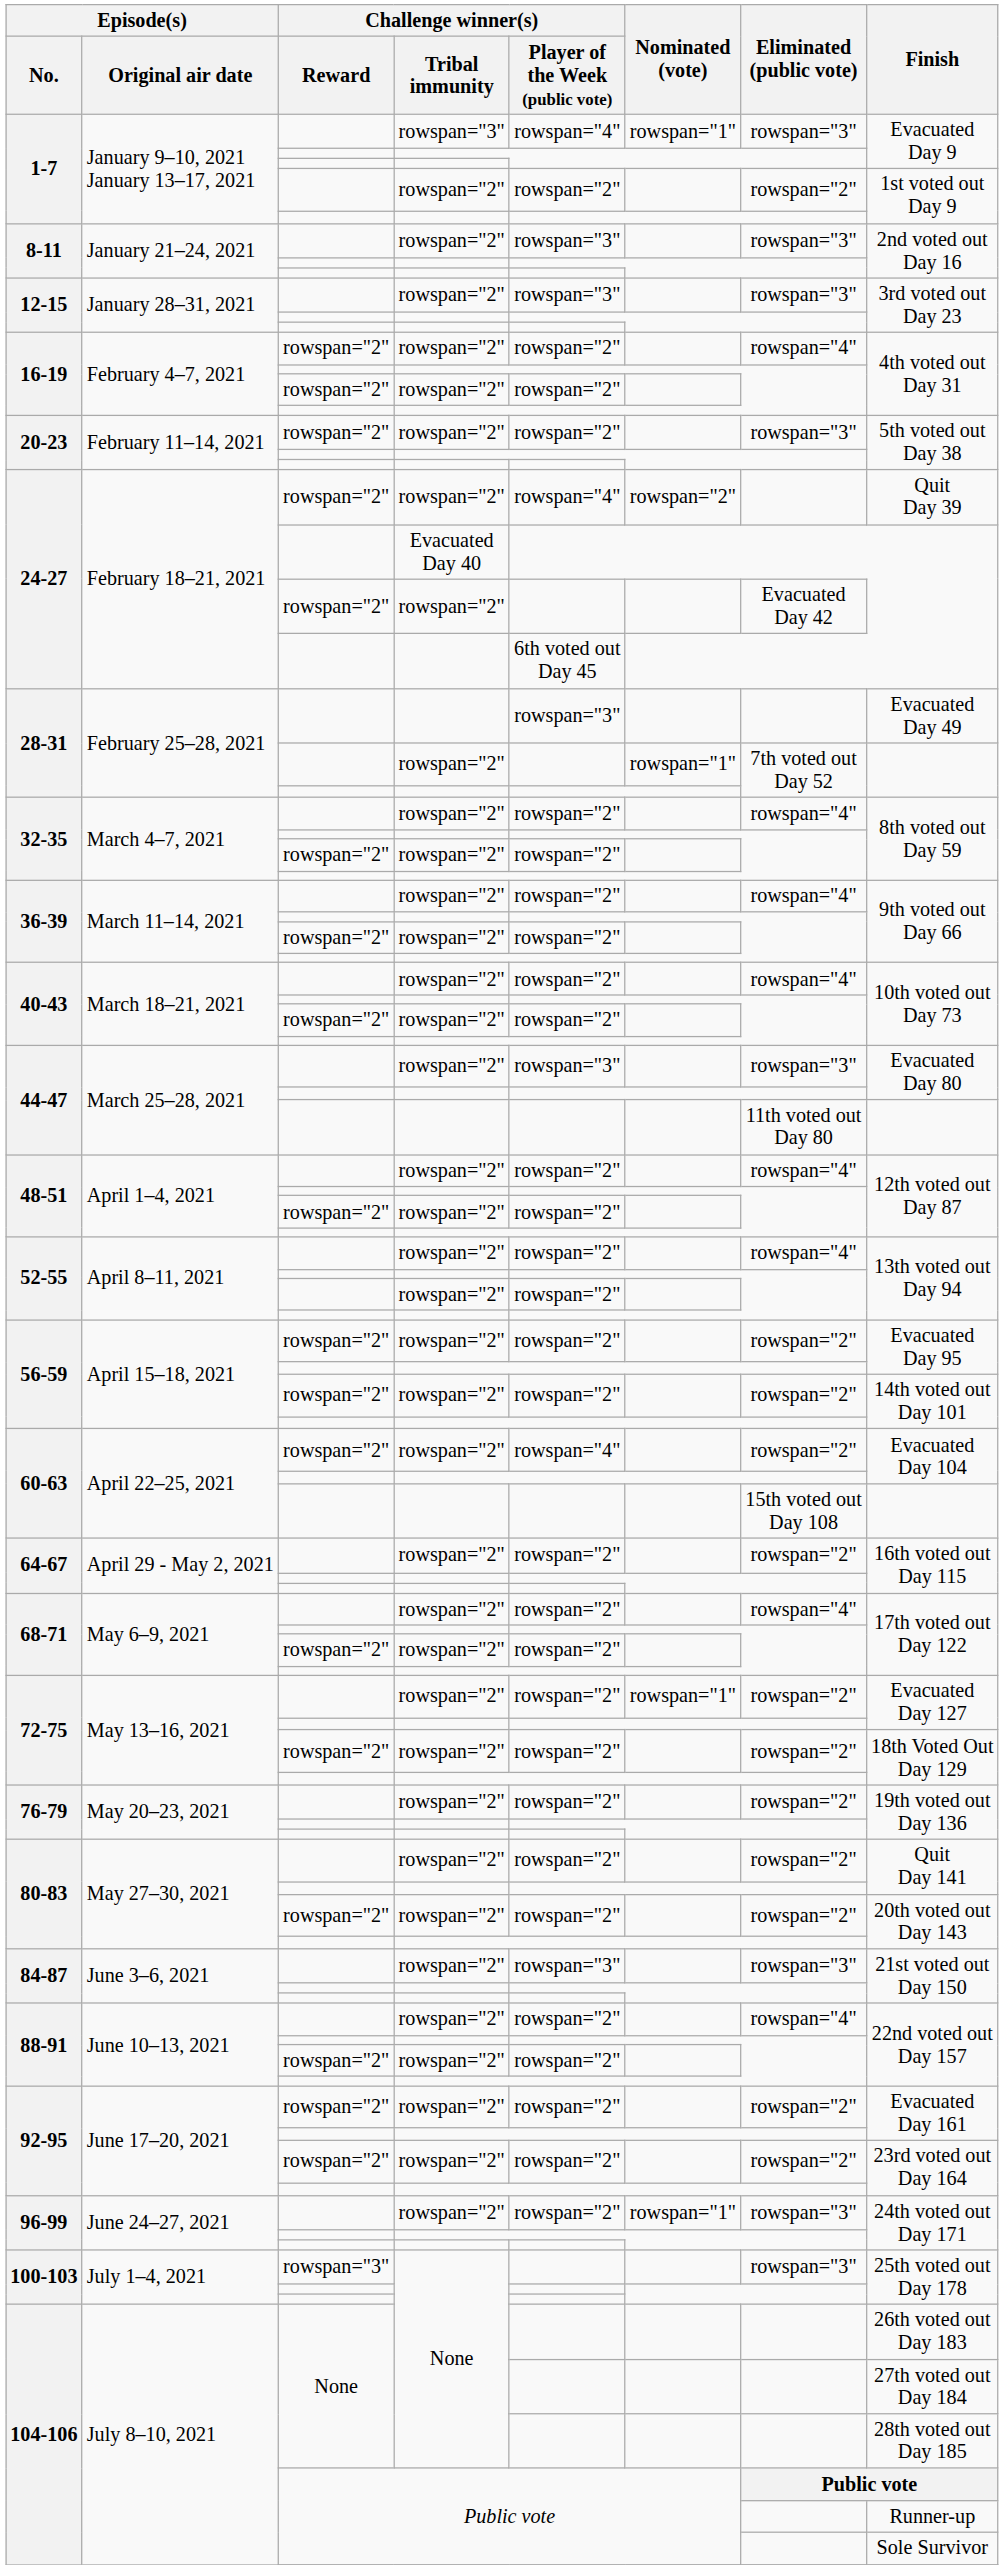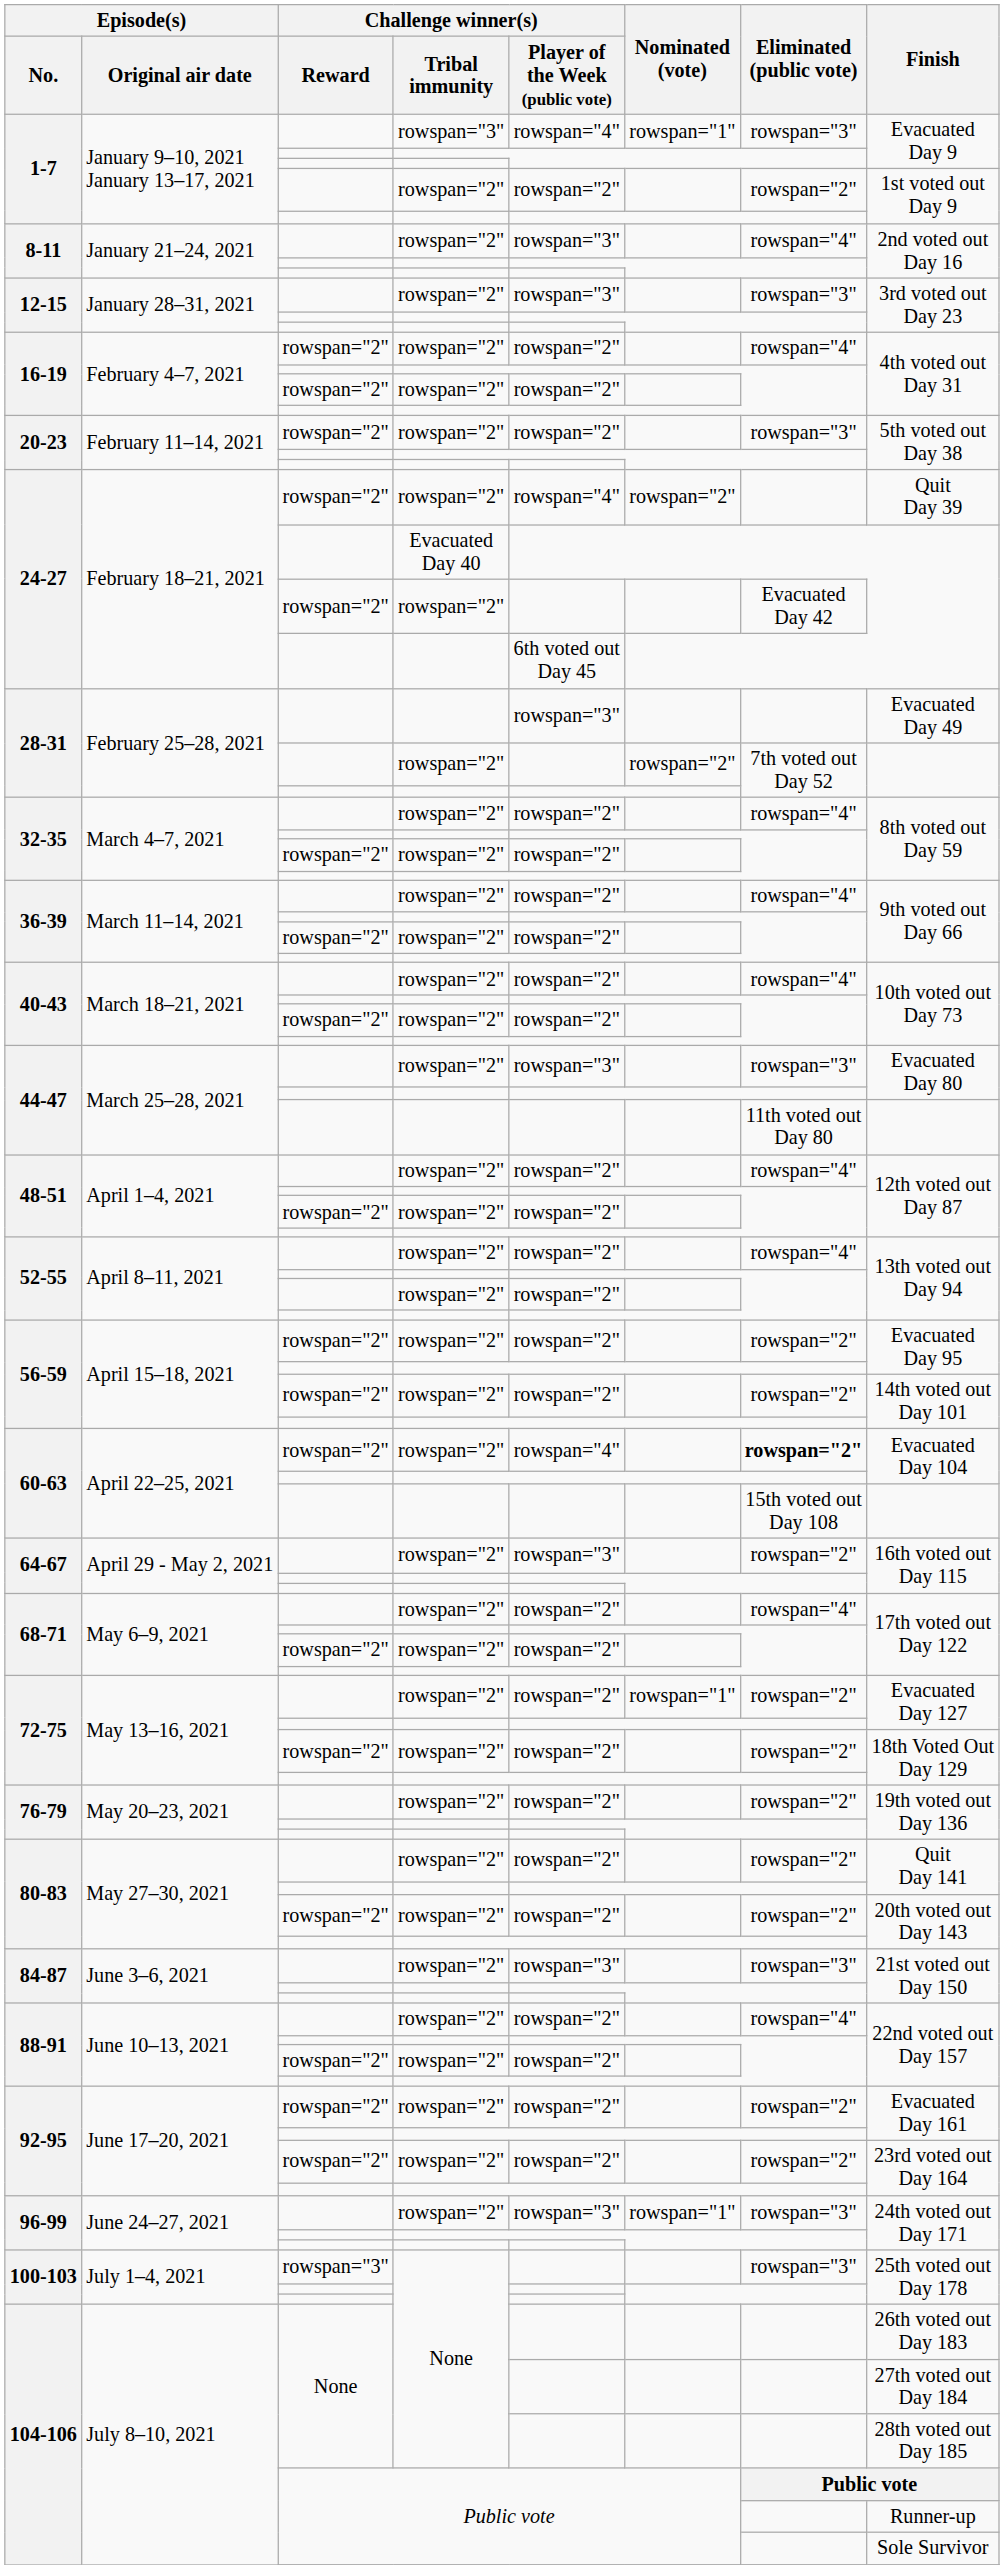 <table class="wikitable plainrowheaders nowrap" style="margin:auto; text-align:center">
 <tr>
 <th scope="col" colspan="2">Episode(s)</th>
 <th scope="col" colspan="3">Challenge winner(s)</th>
 <th scope="col"  rowspan="2">Nominated <br> (vote)</th>
 <th scope="col" rowspan="2">Eliminated <br>(public vote)</th>
 <th scope="col" rowspan="2">Finish</th>
 </tr>
 <tr>
 <th scope="col" rowspan="1">No.</th>
 <th scope="col" rowspan="1">Original air date</th>
 <th scope="col" rowspan="1">Reward</th>
 <th scope="col" rowspan="1">Tribal<br> immunity</th>
 <th scope="col" rowspan="1">Player of<br> the Week<br> <small>(public vote)<br></small></th>
 </tr>
 <tr>
 <th rowspan="5">1-7</th>
 <td rowspan="5" align="left">January 9–10, 2021<br>January 13–17, 2021</td>
 <td></td>
 <td>rowspan="3" </td>
 <td>rowspan="4" </td>
 <td>rowspan="1" </td>
 <td>rowspan="3" </td>
 <td rowspan="3">Evacuated<br>Day 9</td>
 </tr>
 <tr>
 <td></td>
 </tr>
 <tr>
 <td></td>
 <td></td>
 </tr>
 <tr>
 <td></td>
 <td>rowspan="2" </td>
 <td>rowspan="2" </td>
 <td></td>
 <td>rowspan="2" </td>
 <td rowspan="2">1st voted out<br>Day 9</td>
 </tr>
 <tr>
 <td></td>
 <td></td>
 </tr>
 <tr>
 <th rowspan="3">8-11</th>
 <td rowspan="3" align="left">January 21–24, 2021</td>
 <td></td>
 <td>rowspan="2" </td>
 <td>rowspan="3" </td>
 <td></td>
-<td>rowspan="3" </td>
+<td>rowspan="4" </td>
 <td rowspan="3">2nd voted out<br>Day 16</td>
 </tr>
 <tr>
 <td></td>
 <td></td>
 </tr>
 <tr>
 <td></td>
 <td></td>
 <td></td>
 </tr>
 <tr>
 <th rowspan="3">12-15</th>
 <td rowspan="3" align="left">January 28–31, 2021</td>
 <td></td>
 <td>rowspan="2" </td>
 <td>rowspan="3" </td>
 <td></td>
 <td>rowspan="3" </td>
 <td rowspan="3">3rd voted out<br>Day 23</td>
 </tr>
 <tr>
 <td></td>
 <td></td>
 </tr>
 <tr>
 <td></td>
 <td></td>
 <td></td>
 </tr>
 <tr>
 <th rowspan="4">16-19</th>
 <td rowspan="4" align="left">February 4–7, 2021</td>
 <td>rowspan="2"</td>
 <td>rowspan="2"</td>
 <td>rowspan="2"</td>
 <td></td>
 <td>rowspan="4" </td>
 <td rowspan="4">4th voted out<br>Day 31</td>
 </tr>
 <tr>
 <td></td>
 </tr>
 <tr>
 <td>rowspan="2" </td>
 <td>rowspan="2" </td>
 <td>rowspan="2" </td>
 <td></td>
 </tr>
 <tr>
 <td></td>
 </tr>
 <tr>
 <th rowspan="3">20-23</th>
 <td rowspan="3" align="left">February 11–14, 2021</td>
 <td>rowspan="2" </td>
 <td>rowspan="2" </td>
 <td>rowspan="2"</td>
 <td></td>
 <td>rowspan="3" </td>
 <td rowspan="3">5th voted out<br>Day 38</td>
 </tr>
 <tr>
 <td></td>
 </tr>
 <tr>
 <td></td>
 <td></td>
 <td></td>
 </tr>
 <tr>
 <th rowspan="4">24-27</th>
 <td rowspan="4" align="left">February 18–21, 2021</td>
 <td>rowspan="2" </td>
 <td>rowspan="2" </td>
 <td>rowspan="4" </td>
 <td>rowspan="2" </td>
 <td></td>
 <td>Quit <br>Day 39</td>
 </tr>
 <tr>
 <td></td>
 <td>Evacuated <br> Day 40</td>
 </tr>
 <tr>
 <td>rowspan="2" </td>
 <td>rowspan="2" </td>
 <td></td>
 <td></td>
 <td>Evacuated <br>Day 42</td>
 </tr>
 <tr>
 <td></td>
 <td></td>
 <td>6th voted out <br> Day 45</td>
 </tr>
 <tr>
 <th rowspan="3">28-31</th>
 <td rowspan="3" align="left">February 25–28, 2021</td>
 <td></td>
 <td></td>
 <td>rowspan="3" </td>
 <td></td>
 <td></td>
 <td rowspan="1">Evacuated<br>Day 49</td>
 </tr>
 <tr>
 <td></td>
 <td>rowspan="2"</td>
 <td></td>
-<td>rowspan="1" </td>
+<td>rowspan="2" </td>
 <td rowspan="2">7th voted out<br>Day 52</td>
 </tr>
 <tr>
 <td></td>
 <td></td>
 </tr>
 <tr>
 <th rowspan="4">32-35</th>
 <td rowspan="4" align="left">March 4–7, 2021</td>
 <td></td>
 <td>rowspan="2"</td>
 <td>rowspan="2"</td>
 <td></td>
 <td>rowspan="4" </td>
 <td rowspan="4">8th voted out<br>Day 59</td>
 </tr>
 <tr>
 <td></td>
 <td></td>
 </tr>
 <tr>
 <td>rowspan="2"</td>
 <td>rowspan="2"</td>
 <td>rowspan="2"</td>
 <td></td>
 </tr>
 <tr>
 <td></td>
 </tr>
 <tr>
 <th rowspan="4">36-39</th>
 <td rowspan="4" align="left">March 11–14, 2021</td>
 <td></td>
 <td>rowspan="2" </td>
 <td>rowspan="2"</td>
 <td></td>
 <td>rowspan="4" </td>
 <td rowspan="4">9th voted out<br>Day 66</td>
 </tr>
 <tr>
 <td></td>
 <td></td>
 </tr>
 <tr>
 <td>rowspan="2"</td>
 <td>rowspan="2"</td>
 <td>rowspan="2"</td>
 <td></td>
 </tr>
 <tr>
 <td></td>
 </tr>
 <tr>
 <th rowspan="4">40-43</th>
 <td rowspan="4" align="left">March 18–21, 2021</td>
 <td></td>
 <td>rowspan="2"</td>
 <td>rowspan="2"</td>
 <td></td>
 <td>rowspan="4" </td>
 <td rowspan="4">10th voted out<br>Day 73</td>
 </tr>
 <tr>
 <td></td>
 <td></td>
 </tr>
 <tr>
 <td>rowspan="2"</td>
 <td>rowspan="2"</td>
 <td>rowspan="2"</td>
 <td></td>
 </tr>
 <tr>
 <td></td>
 </tr>
 <tr>
 <th rowspan="3">44-47</th>
 <td rowspan="3" align="left">March 25–28, 2021</td>
 <td></td>
 <td>rowspan="2" </td>
 <td>rowspan="3"</td>
 <td></td>
 <td>rowspan="3" </td>
 <td rowspan="2">Evacuated<br>Day 80</td>
 </tr>
 <tr>
 <td></td>
 <td></td>
 </tr>
 <tr>
 <td></td>
 <td></td>
 <td></td>
 <td></td>
 <td rowspan="1">11th voted out<br>Day 80</td>
 </tr>
 <tr>
 <th rowspan="4">48-51</th>
 <td rowspan="4" align="left">April 1–4, 2021</td>
 <td></td>
 <td>rowspan="2"</td>
 <td>rowspan="2" </td>
 <td></td>
 <td>rowspan="4" </td>
 <td rowspan="4">12th voted out<br>Day 87</td>
 </tr>
 <tr>
 <td></td>
 <td></td>
 </tr>
 <tr>
 <td>rowspan="2"</td>
 <td>rowspan="2"</td>
 <td>rowspan="2"</td>
 <td></td>
 </tr>
 <tr>
 <td></td>
 </tr>
 <tr>
 <th rowspan="4">52-55</th>
 <td rowspan="4" align="left">April 8–11, 2021</td>
 <td></td>
 <td>rowspan="2"</td>
 <td>rowspan="2"</td>
 <td></td>
 <td>rowspan="4" </td>
 <td rowspan="4">13th voted out<br>Day 94</td>
 </tr>
 <tr>
 <td></td>
 <td></td>
 </tr>
 <tr>
 <td></td>
 <td>rowspan="2"</td>
 <td>rowspan="2"</td>
 <td></td>
 </tr>
 <tr>
 <td></td>
 <td></td>
 </tr>
 <tr>
 <th rowspan="4">56-59</th>
 <td rowspan="4" align="left">April 15–18, 2021</td>
 <td>rowspan="2"</td>
 <td>rowspan="2"</td>
 <td>rowspan="2"</td>
 <td></td>
 <td>rowspan="2"</td>
 <td rowspan="2">Evacuated<br>Day 95</td>
 </tr>
 <tr>
 <td></td>
 </tr>
 <tr>
 <td>rowspan="2"</td>
 <td>rowspan="2"</td>
 <td>rowspan="2"</td>
 <td></td>
 <td>rowspan="2" </td>
 <td rowspan="2">14th voted out<br>Day 101</td>
 </tr>
 <tr>
 <td></td>
 </tr>
 <tr>
 <th rowspan="3">60-63</th>
 <td rowspan="3" align="left">April 22–25, 2021</td>
 <td>rowspan="2" </td>
 <td>rowspan="2" </td>
 <td>rowspan="4" </td>
 <td></td>
-<td>rowspan="2" </td>
+<td><strong>rowspan="2" </strong></td>
 <td rowspan="2">Evacuated<br>Day 104</td>
 </tr>
 <tr>
 <td></td>
 </tr>
 <tr>
 <td></td>
 <td></td>
 <td></td>
 <td></td>
 <td rowspan="1">15th voted out<br>Day 108</td>
 </tr>
 <tr>
 <th rowspan="3">64-67</th>
 <td rowspan="3" align="left">April 29 - May 2, 2021</td>
 <td></td>
 <td>rowspan="2" </td>
-<td>rowspan="2"</td>
+<td>rowspan="3" </td>
 <td></td>
 <td>rowspan="2" </td>
 <td rowspan="3">16th voted out<br>Day 115</td>
 </tr>
 <tr>
 <td> </td>
 <td></td>
 </tr>
 <tr>
 <td></td>
 <td></td>
 <td></td>
 </tr>
 <tr>
 <th rowspan="4">68-71</th>
 <td rowspan="4" align="left">May 6–9, 2021</td>
 <td></td>
 <td>rowspan="2"</td>
 <td>rowspan="2"</td>
 <td></td>
 <td>rowspan="4" </td>
 <td rowspan="4">17th voted out<br>Day 122</td>
 </tr>
 <tr>
 <td></td>
 <td></td>
 </tr>
 <tr>
 <td>rowspan="2"</td>
 <td>rowspan="2"</td>
 <td>rowspan="2"</td>
 <td></td>
 </tr>
 <tr>
 <td></td>
 </tr>
 <tr>
 <th rowspan="4">72-75</th>
 <td rowspan="4" align="left">May 13–16, 2021</td>
 <td></td>
 <td>rowspan="2" </td>
 <td>rowspan="2" </td>
 <td>rowspan="1" </td>
 <td>rowspan="2" </td>
 <td rowspan="2">Evacuated<br>Day 127</td>
 </tr>
 <tr>
 <td></td>
 <td></td>
 </tr>
 <tr>
 <td>rowspan="2"</td>
 <td>rowspan="2"</td>
 <td>rowspan="2"</td>
 <td></td>
 <td>rowspan="2" </td>
 <td rowspan="2">18th Voted Out<br>Day 129</td>
 </tr>
 <tr>
 <td></td>
 </tr>
 <tr>
 <th rowspan="3">76-79</th>
 <td rowspan="3" align="left">May 20–23, 2021</td>
 <td></td>
 <td>rowspan="2"</td>
 <td>rowspan="2"</td>
 <td></td>
 <td>rowspan="2" </td>
 <td rowspan="3">19th voted out<br>Day 136</td>
 </tr>
 <tr>
 <td></td>
 <td></td>
 </tr>
 <tr>
 <td></td>
 <td></td>
 <td></td>
 </tr>
 <tr>
 <th rowspan="4">80-83</th>
 <td rowspan="4" align="left">May 27–30, 2021</td>
 <td></td>
 <td>rowspan="2"</td>
 <td>rowspan="2"</td>
 <td></td>
 <td>rowspan="2" </td>
 <td rowspan="2">Quit<br>Day 141</td>
 </tr>
 <tr>
 <td></td>
 <td></td>
 </tr>
 <tr>
 <td>rowspan="2"</td>
 <td>rowspan="2"</td>
 <td>rowspan="2"</td>
 <td></td>
 <td>rowspan="2" </td>
 <td rowspan="2">20th voted out<br>Day 143</td>
 </tr>
 <tr>
 <td></td>
 </tr>
 <tr>
 <th rowspan="3">84-87</th>
 <td rowspan="3" align="left">June 3–6, 2021</td>
 <td></td>
 <td>rowspan="2"</td>
 <td>rowspan="3"</td>
 <td></td>
 <td>rowspan="3" </td>
 <td rowspan="3">21st voted out<br>Day 150</td>
 </tr>
 <tr>
 <td></td>
 <td></td>
 </tr>
 <tr>
 <td></td>
 <td></td>
 <td></td>
 </tr>
 <tr>
 <th rowspan="4">88-91</th>
 <td rowspan="4" align="left">June 10–13, 2021</td>
 <td></td>
 <td>rowspan="2"</td>
 <td>rowspan="2"</td>
 <td></td>
 <td>rowspan="4" </td>
 <td rowspan="4">22nd voted out<br>Day 157</td>
 </tr>
 <tr>
 <td></td>
 <td></td>
 </tr>
 <tr>
 <td>rowspan="2"</td>
 <td>rowspan="2"</td>
 <td>rowspan="2"</td>
 <td></td>
 </tr>
 <tr>
 <td></td>
 </tr>
 <tr>
 <th rowspan="4">92-95</th>
 <td rowspan="4" align="left">June 17–20, 2021</td>
 <td>rowspan="2"</td>
 <td>rowspan="2"</td>
 <td>rowspan="2"</td>
 <td></td>
 <td>rowspan="2" </td>
 <td rowspan="2">Evacuated<br>Day 161</td>
 </tr>
 <tr>
 <td></td>
 </tr>
 <tr>
 <td>rowspan="2"</td>
 <td>rowspan="2"</td>
 <td>rowspan="2"</td>
 <td></td>
 <td>rowspan="2" </td>
 <td rowspan="2">23rd voted out<br>Day 164</td>
 </tr>
 <tr>
 <td></td>
 </tr>
 <tr>
 <th rowspan="3">96-99</th>
 <td rowspan="3" align="left">June 24–27, 2021</td>
 <td></td>
 <td>rowspan="2"</td>
-<td>rowspan="2"</td>
+<td>rowspan="3"</td>
 <td>rowspan="1" </td>
 <td>rowspan="3" </td>
 <td rowspan="3">24th voted out<br>Day 171</td>
 </tr>
 <tr>
 <td></td>
 </tr>
 <tr>
 <td></td>
 <td></td>
 <td></td>
 </tr>
 <tr>
 <th rowspan="3">100-103</th>
 <td rowspan="3" align="left">July 1–4, 2021</td>
 <td>rowspan="3" </td>
 <td rowspan="6">None</td>
 <td></td>
 <td></td>
 <td>rowspan="3" </td>
 <td rowspan="3">25th voted out<br>Day 178</td>
 </tr>
 <tr>
 <td></td>
 <td></td>
 </tr>
 <tr>
 <td></td>
 <td></td>
 </tr>
 <tr>
 <th rowspan="10">104-106</th>
 <td rowspan="10" align="left">July 8–10, 2021</td>
 <td rowspan="3">None</td>
 <td></td>
 <td></td>
 <td></td>
 <td>26th voted out<br>Day 183</td>
 </tr>
 <tr>
 <td></td>
 <td></td>
 <td></td>
 <td>27th voted out<br>Day 184</td>
 </tr>
 <tr>
 <td></td>
 <td></td>
 <td></td>
 <td>28th voted out<br>Day 185</td>
 </tr>
 <tr>
 <td rowspan="3" colspan="4"><em>Public vote</em></td>
 <th colspan="2">Public vote</th>
 </tr>
 <tr>
 <td></td>
 <td>Runner-up</td>
 </tr>
 <tr>
 <td></td>
 <td>Sole Survivor</td>
 </tr>
 <tr>
 </tr>
 </table>
